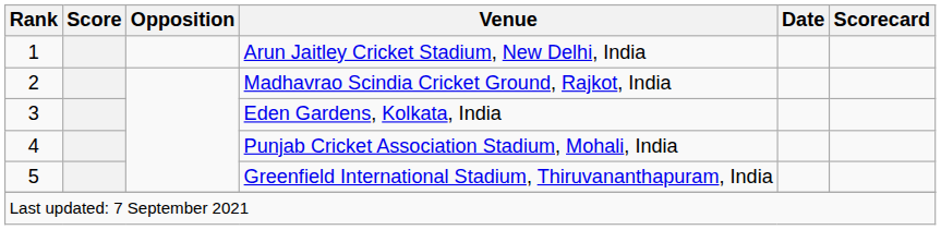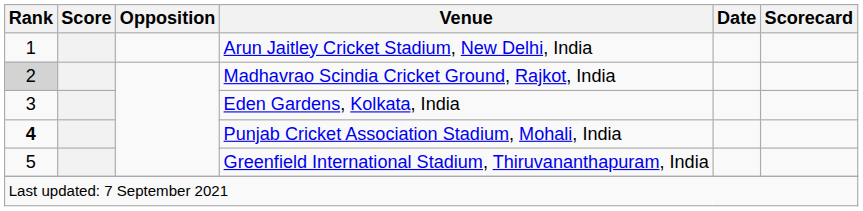 <table class="wikitable plainrowheaders sortable">
 <tr>
 <th scope=col>Rank</th>
 <th scope=col>Score</th>
 <th scope=col>Opposition</th>
 <th scope=col>Venue</th>
 <th scope=col>Date</th>
 <th scope=col>Scorecard</th>
 </tr>
 <tr>
 <td align=center>1</td>
 <th scope=row style=text-align:center;></th>
 <td></td>
 <td><a href='#'>Arun Jaitley Cricket Stadium</a>, <a href='#'>New Delhi</a>, India</td>
 <td></td>
 <td></td>
 </tr>
 <tr>
-<td align=center>2</td>
+<td align=center style="background: lightgrey;">2</td>
 <th scope=row style=text-align:center;></th>
 <td rowspan=4></td>
 <td><a href='#'>Madhavrao Scindia Cricket Ground</a>, <a href='#'>Rajkot</a>, India</td>
 <td></td>
 <td></td>
 </tr>
 <tr>
 <td align=center>3</td>
 <th scope=row style=text-align:center;></th>
 <td><a href='#'>Eden Gardens</a>, <a href='#'>Kolkata</a>, India</td>
 <td></td>
 <td></td>
 </tr>
 <tr>
-<td align=center>4</td>
+<td align=center><strong>4</strong></td>
 <th scope=row style=text-align:center;></th>
 <td><a href='#'>Punjab Cricket Association Stadium</a>, <a href='#'>Mohali</a>, India</td>
 <td></td>
 <td></td>
 </tr>
 <tr>
 <td align=center>5</td>
 <th scope=row style=text-align:center;></th>
 <td><a href='#'>Greenfield International Stadium</a>, <a href='#'>Thiruvananthapuram</a>, India</td>
 <td></td>
 <td></td>
 </tr>
 <tr>
 </tr>
 <tr class=sortbottom>
 <td colspan=6><small>Last updated: 7 September 2021</small></td>
 </tr>
 </table>
